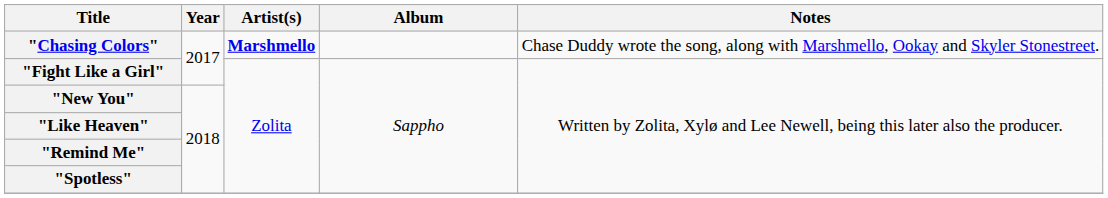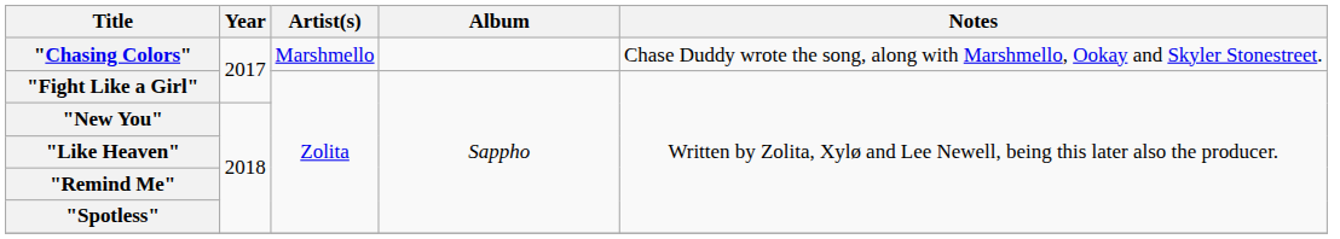 <table class="wikitable plainrowheaders" style="text-align:center;">
 <tr>
 <th scope="col" style="width:160px;">Title</th>
 <th scope="col">Year</th>
 <th scope="col">Artist(s)</th>
 <th scope="col" style="width:180px;">Album</th>
 <th scope="col">Notes</th>
 </tr>
 <tr>
 <th scope="row">"<a href='#'>Chasing Colors</a>"<br></th>
 <td rowspan="2">2017</td>
-<td><strong><a href='#'>Marshmello</a></strong></td>
+<td><a href='#'>Marshmello</a></td>
 <td></td>
 <td>Chase Duddy wrote the song, along with <a href='#'>Marshmello</a>, <a href='#'>Ookay</a> and <a href='#'>Skyler Stonestreet</a>.</td>
 </tr>
 <tr>
 <th scope="row">"Fight Like a Girl"</th>
 <td rowspan="5"><a href='#'>Zolita</a></td>
 <td rowspan="5"><em>Sappho</em></td>
 <td rowspan="5">Written by Zolita, Xylø and Lee Newell, being this later also the producer.</td>
 </tr>
 <tr>
 <th scope="row">"New You"</th>
 <td rowspan="4">2018</td>
 </tr>
 <tr>
 <th scope="row">"Like Heaven"</th>
 </tr>
 <tr>
 <th scope="row">"Remind Me"</th>
 </tr>
 <tr>
 <th scope="row">"Spotless"</th>
 </tr>
 <tr>
 </tr>
 </table>
